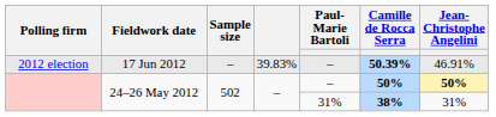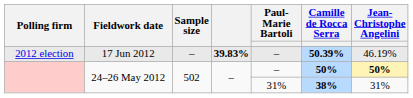 <table class="wikitable sortable" style="text-align:center;font-size:90%;line-height:14px;">
 <tr style="height:40px;">
 <th style="width:100px;" rowspan="2">Polling firm</th>
 <th style="width:110px;" rowspan="2">Fieldwork date</th>
 <th style="width:35px;" rowspan="2">Sample<br>size</th>
 <th style="width:30px;" rowspan="2"></th>
 <th class="unsortable" style="width:60px;">Paul-Marie Bartoli<br></th>
 <th class="unsortable" style="width:60px;"><a href='#'>Camille de Rocca Serra</a><br></th>
 <th class="unsortable" style="width:60px;"><a href='#'>Jean-Christophe Angelini</a><br></th>
 </tr>
 <tr>
 <th style="background:"></th>
 <th style="background:"></th>
 <th style="background:"></th>
 </tr>
 <tr style="background:#E9E9E9;">
 <td><a href='#'>2012 election</a></td>
 <td data-sort-value="2012-06-17">17 Jun 2012</td>
 <td>–</td>
-<td>39.83%</td>
+<td><strong>39.83%</strong></td>
 <td>–</td>
 <td style="background:#B9DAFF;"><strong>50.39%</strong></td>
-<td>46.91%</td>
+<td>46.19%</td>
 </tr>
 <tr>
 <td rowspan="2" style="background:#FFCCCC;"></td>
 <td rowspan="2" data-sort-value="2012-05-26">24–26 May 2012</td>
 <td rowspan="2">502</td>
 <td rowspan="2">–</td>
 <td>–</td>
 <td style="background:#B9DAFF;"><strong>50%</strong></td>
 <td style="background:#FFF3B6;"><strong>50%</strong></td>
 </tr>
 <tr>
 <td>31%</td>
 <td style="background:#B9DAFF;"><strong>38%</strong></td>
 <td>31%</td>
 </tr>
 </table>
